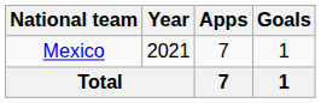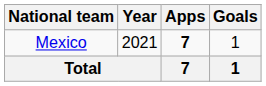 <table class="wikitable" style="text-align: center;">
 <tr>
 <th>National team</th>
 <th>Year</th>
 <th>Apps</th>
 <th>Goals</th>
 </tr>
 <tr>
 <td rowspan="1" valign="center"><a href='#'>Mexico</a></td>
 <td>2021</td>
-<td>7</td>
+<td><strong>7</strong></td>
 <td>1</td>
 </tr>
 <tr>
 <th colspan="2">Total</th>
 <th>7</th>
 <th>1</th>
 </tr>
 </table>
